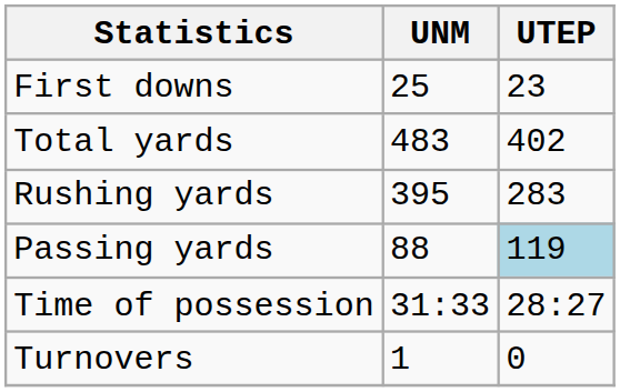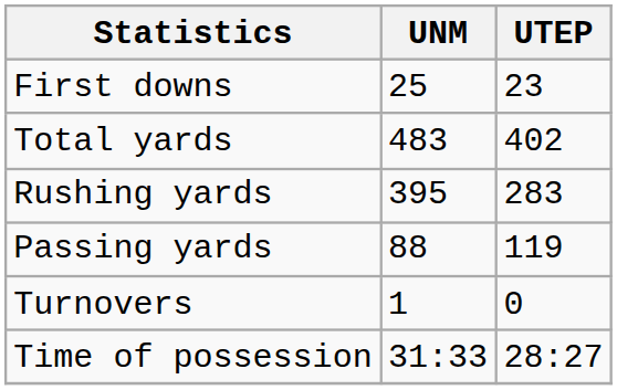 <table class="wikitable">
 <tr>
 <th>Statistics</th>
 <th>UNM</th>
 <th>UTEP</th>
 </tr>
 <tr>
 <td>First downs</td>
 <td>25</td>
 <td>23</td>
 </tr>
 <tr>
 <td>Total yards</td>
 <td>483</td>
 <td>402</td>
 </tr>
 <tr>
 <td>Rushing yards</td>
 <td>395</td>
 <td>283</td>
 </tr>
 <tr>
 <td>Passing yards</td>
 <td>88</td>
-<td style="background: lightblue;">119</td>
+<td>119</td>
+</tr>
+<tr>
+<td>Turnovers</td>
+<td>1</td>
+<td>0</td>
 </tr>
 <tr>
 <td>Time of possession</td>
 <td>31:33</td>
 <td>28:27</td>
 </tr>
 <tr>
-<td>Turnovers</td>
-<td>1</td>
-<td>0</td>
-</tr>
-<tr>
 </tr>
 </table>
